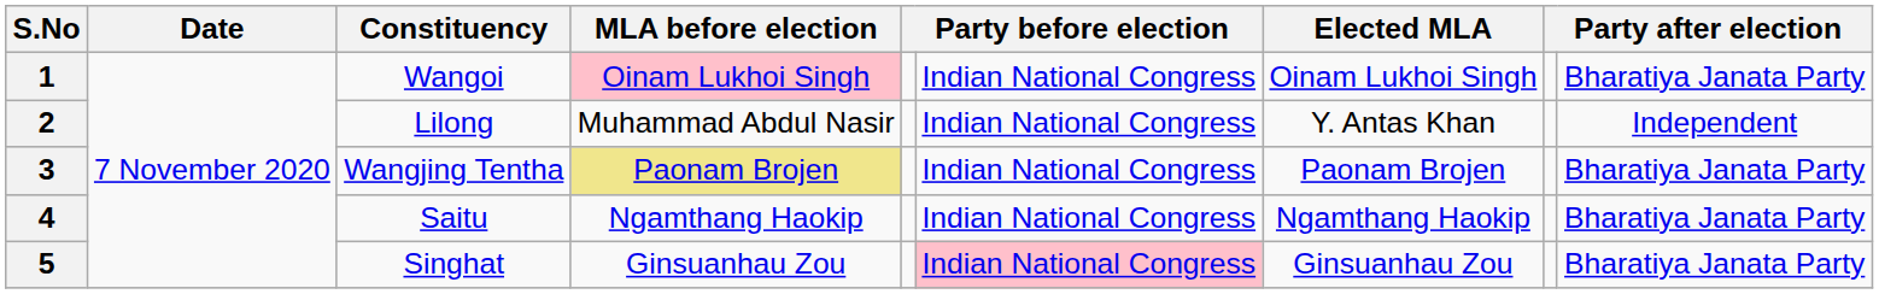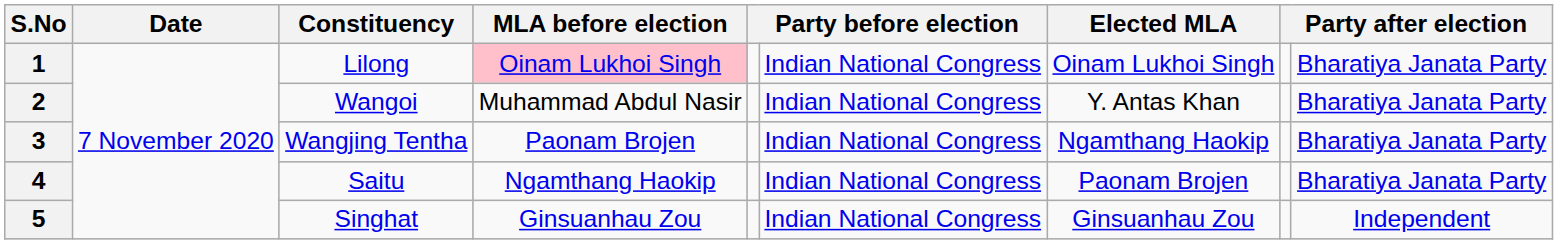 <table class="wikitable sortable" style="text-align:center;">
 <tr>
 <th>S.No</th>
 <th>Date</th>
 <th>Constituency</th>
 <th>MLA before election</th>
 <th colspan="2">Party before election</th>
 <th>Elected MLA</th>
 <th colspan="2">Party after election</th>
 </tr>
 <tr>
 <th>1</th>
 <td rowspan="5"><a href='#'>7 November 2020</a></td>
-<td><a href='#'>Wangoi</a></td>
+<td><a href='#'>Lilong</a></td>
 <td style="background: pink;"><a href='#'>Oinam Lukhoi Singh</a></td>
 <td></td>
 <td><a href='#'>Indian National Congress</a></td>
 <td><a href='#'>Oinam Lukhoi Singh</a></td>
 <td></td>
 <td><a href='#'>Bharatiya Janata Party</a></td>
 </tr>
 <tr>
 <th>2</th>
-<td><a href='#'>Lilong</a></td>
+<td><a href='#'>Wangoi</a></td>
 <td>Muhammad Abdul Nasir</td>
 <td></td>
 <td><a href='#'>Indian National Congress</a></td>
 <td>Y. Antas Khan</td>
 <td></td>
-<td><a href='#'>Independent</a></td>
+<td><a href='#'>Bharatiya Janata Party</a></td>
 </tr>
 <tr>
 <th>3</th>
 <td><a href='#'>Wangjing Tentha</a></td>
-<td style="background: khaki;"><a href='#'>Paonam Brojen</a></td>
+<td><a href='#'>Paonam Brojen</a></td>
 <td></td>
 <td><a href='#'>Indian National Congress</a></td>
-<td><a href='#'>Paonam Brojen</a></td>
+<td><a href='#'>Ngamthang Haokip</a></td>
 <td></td>
 <td><a href='#'>Bharatiya Janata Party</a></td>
 </tr>
 <tr>
 <th>4</th>
 <td><a href='#'>Saitu</a></td>
 <td><a href='#'>Ngamthang Haokip</a></td>
 <td></td>
 <td><a href='#'>Indian National Congress</a></td>
-<td><a href='#'>Ngamthang Haokip</a></td>
+<td><a href='#'>Paonam Brojen</a></td>
 <td></td>
 <td><a href='#'>Bharatiya Janata Party</a></td>
 </tr>
 <tr>
 <th>5</th>
 <td><a href='#'>Singhat</a></td>
 <td><a href='#'>Ginsuanhau Zou</a></td>
 <td></td>
-<td style="background: pink;"><a href='#'>Indian National Congress</a></td>
+<td><a href='#'>Indian National Congress</a></td>
 <td><a href='#'>Ginsuanhau Zou</a></td>
 <td></td>
-<td><a href='#'>Bharatiya Janata Party</a></td>
+<td><a href='#'>Independent</a></td>
 </tr>
 </table>
